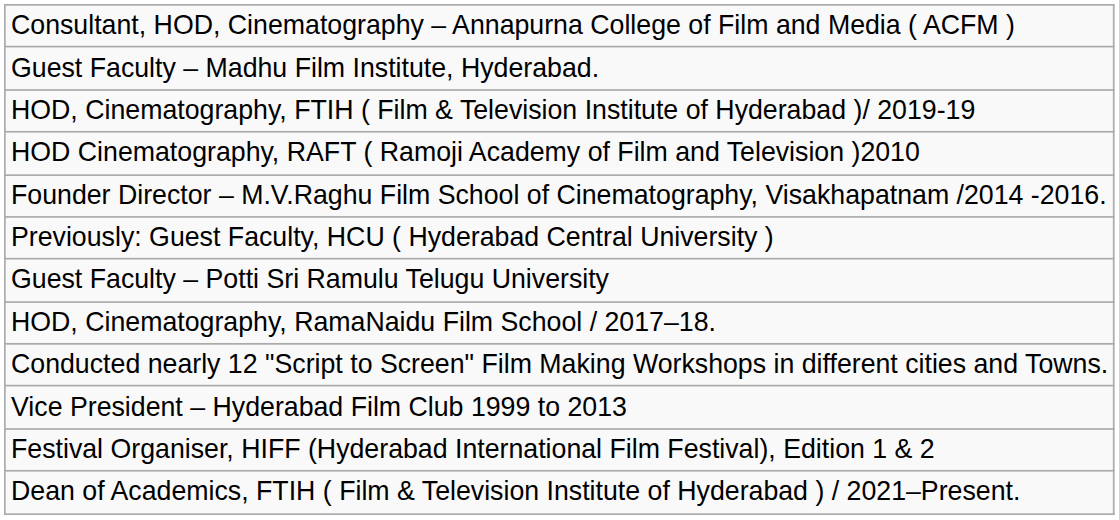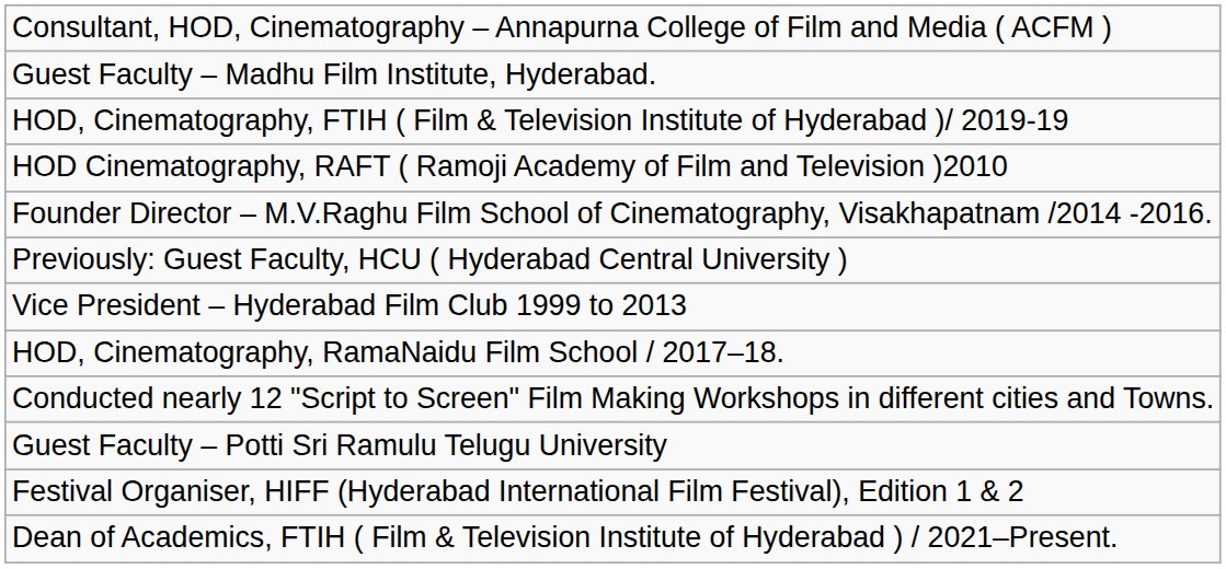 <table class="wikitable">
 <tr>
 <td>Consultant, HOD, Cinematography – Annapurna College of Film and Media ( ACFM )</td>
 </tr>
 <tr>
 <td>Guest Faculty – Madhu Film Institute, Hyderabad.</td>
 </tr>
 <tr>
 <td>HOD, Cinematography, FTIH ( Film & Television Institute of Hyderabad )/ 2019-19</td>
 </tr>
 <tr>
 <td>HOD Cinematography, RAFT ( Ramoji Academy of Film and Television )2010</td>
 </tr>
 <tr>
 <td>Founder Director – M.V.Raghu Film School of  Cinematography, Visakhapatnam /2014 -2016.</td>
 </tr>
 <tr>
 <td>Previously: Guest Faculty, HCU ( Hyderabad Central University )</td>
 </tr>
 <tr>
-<td>Guest Faculty – Potti Sri Ramulu Telugu University</td>
+<td>Vice President – Hyderabad Film Club 1999 to 2013</td>
 </tr>
 <tr>
 <td>HOD, Cinematography,   RamaNaidu Film School / 2017–18.</td>
 </tr>
 <tr>
 <td>Conducted nearly 12 "Script to Screen" Film Making Workshops in different cities and Towns.</td>
 </tr>
 <tr>
-<td>Vice President – Hyderabad Film Club 1999 to 2013</td>
+<td>Guest Faculty – Potti Sri Ramulu Telugu University</td>
 </tr>
 <tr>
 <td>Festival Organiser, HIFF (Hyderabad International Film Festival), Edition 1 & 2</td>
 </tr>
 <tr>
 <td>Dean of Academics,  FTIH ( Film & Television Institute of Hyderabad ) / 2021–Present.</td>
 </tr>
 </table>
